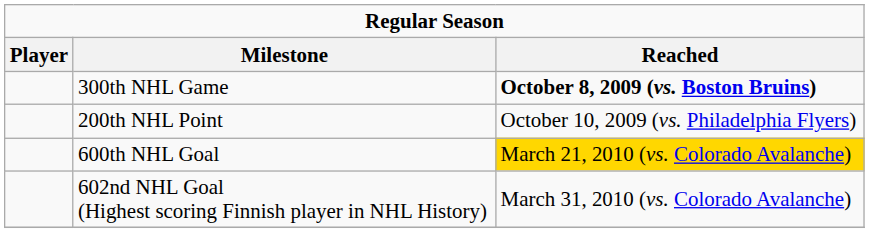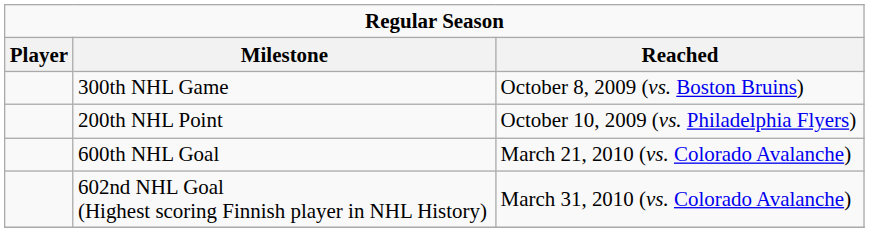 <table class="wikitable" width="52%">
 <tr>
 <td colspan="10" align="center"><strong>Regular Season</strong></td>
 </tr>
 <tr>
 <th>Player</th>
 <th>Milestone</th>
 <th>Reached</th>
 </tr>
 <tr>
 <td></td>
 <td>300th NHL Game</td>
-<td><strong>October 8, 2009 (<em>vs.</em> <a href='#'>Boston Bruins</a>)</strong></td>
+<td>October 8, 2009 (<em>vs.</em> <a href='#'>Boston Bruins</a>)</td>
 </tr>
 <tr>
 <td></td>
 <td>200th NHL Point</td>
 <td>October 10, 2009 (<em>vs.</em> <a href='#'>Philadelphia Flyers</a>)</td>
 </tr>
 <tr>
 <td></td>
 <td>600th NHL Goal</td>
-<td style="background: gold;">March 21, 2010 (<em>vs.</em> <a href='#'>Colorado Avalanche</a>)</td>
+<td>March 21, 2010 (<em>vs.</em> <a href='#'>Colorado Avalanche</a>)</td>
 </tr>
 <tr>
 <td></td>
 <td>602nd NHL Goal<br>(Highest scoring Finnish player in NHL History)</td>
 <td>March 31, 2010 (<em>vs.</em> <a href='#'>Colorado Avalanche</a>)</td>
 </tr>
 <tr>
 </tr>
 </table>
